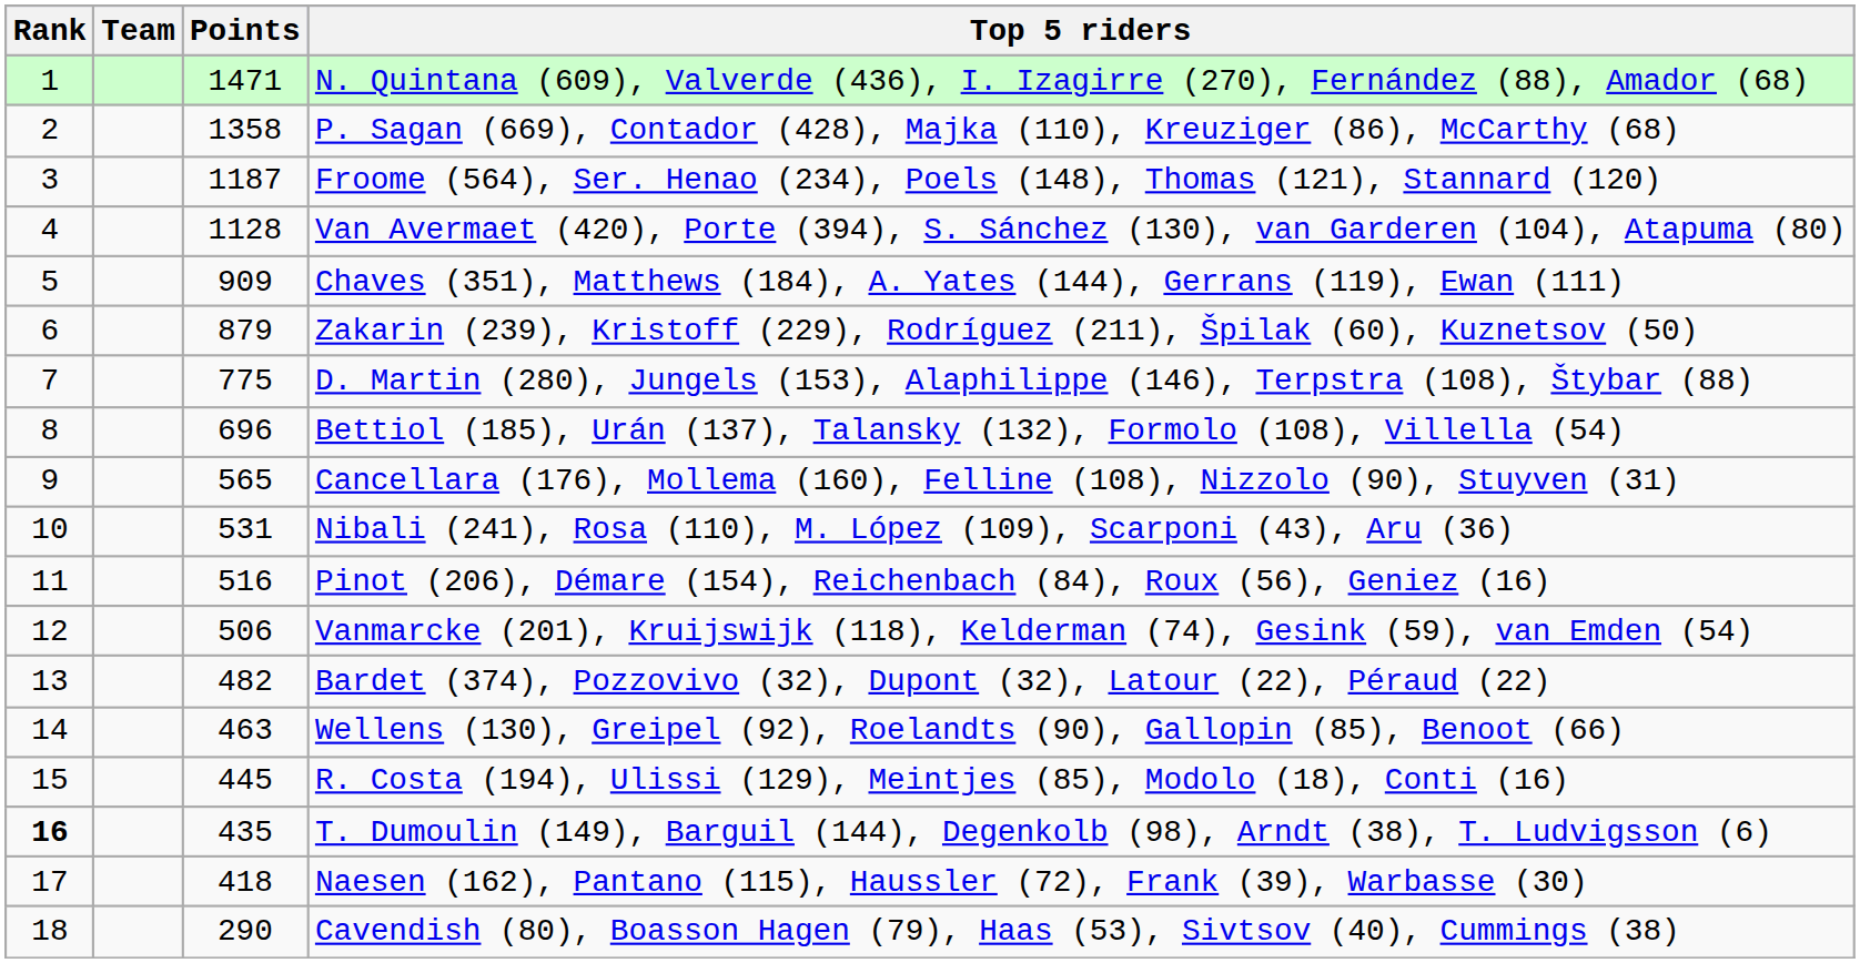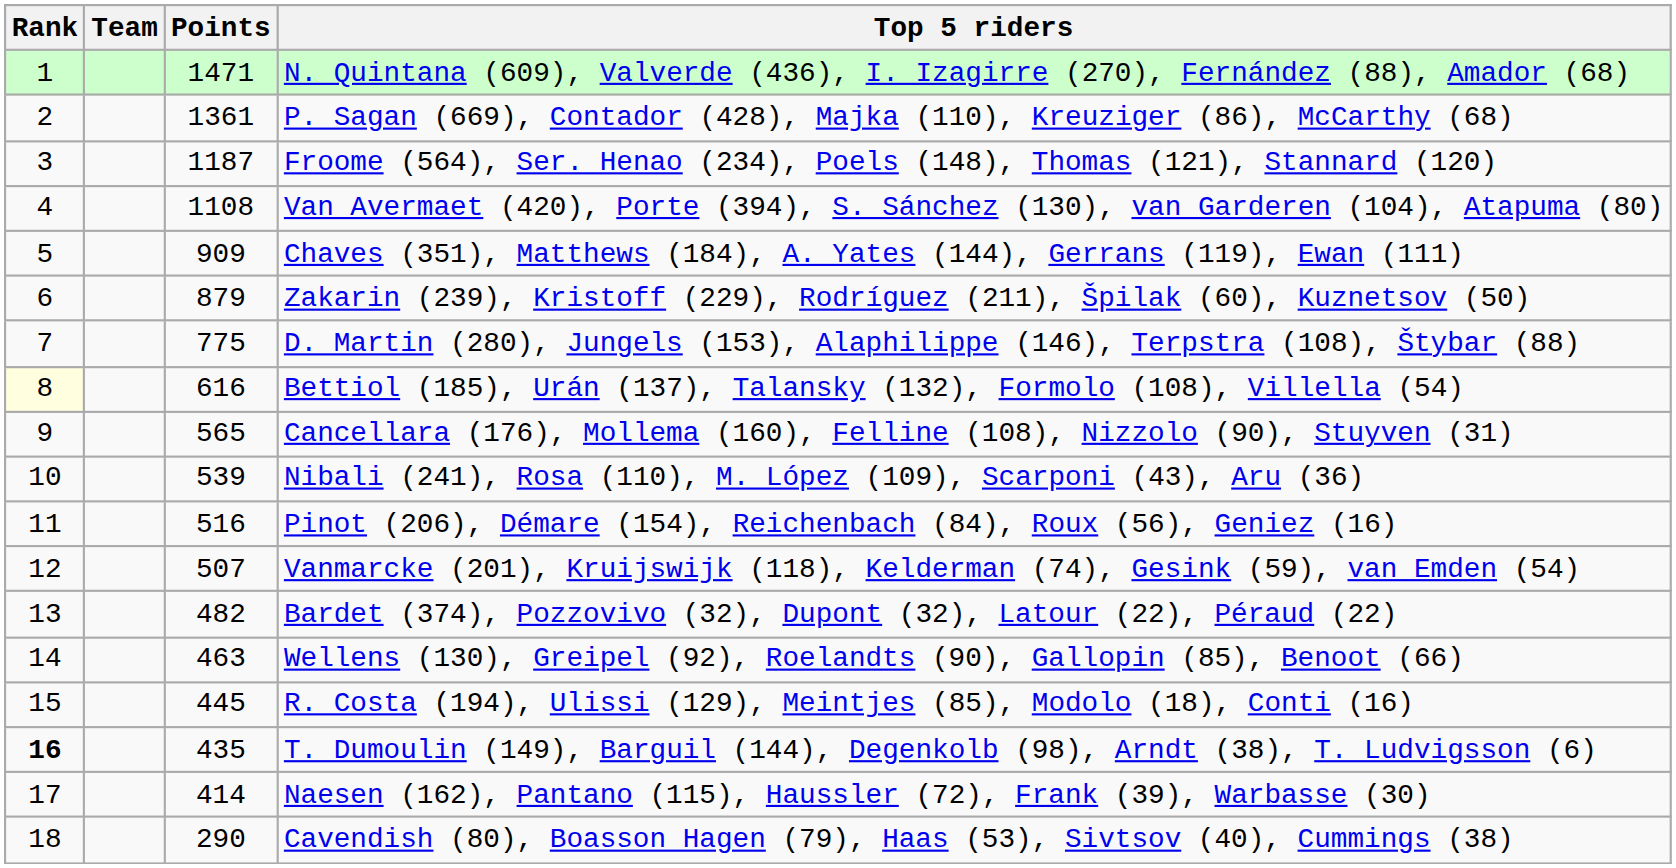 <table class="wikitable">
 <tr style="background:#ccf;">
 <th>Rank</th>
 <th>Team</th>
 <th>Points</th>
 <th>Top 5 riders</th>
 </tr>
 <tr style="background:#ccffcc;">
 <td align=center>1</td>
 <td></td>
 <td align=center>1471</td>
 <td><a href='#'>N. Quintana</a> (609), <a href='#'>Valverde</a> (436), <a href='#'>I. Izagirre</a> (270), <a href='#'>Fernández</a> (88), <a href='#'>Amador</a> (68)</td>
 </tr>
 <tr>
 <td align=center>2</td>
 <td></td>
-<td align=center>1358</td>
+<td align=center>1361</td>
 <td><a href='#'>P. Sagan</a> (669), <a href='#'>Contador</a> (428), <a href='#'>Majka</a> (110), <a href='#'>Kreuziger</a> (86), <a href='#'>McCarthy</a> (68)</td>
 </tr>
 <tr>
 <td align=center>3</td>
 <td></td>
 <td align=center>1187</td>
 <td><a href='#'>Froome</a> (564), <a href='#'>Ser. Henao</a> (234), <a href='#'>Poels</a> (148), <a href='#'>Thomas</a> (121), <a href='#'>Stannard</a> (120)</td>
 </tr>
 <tr>
 <td align=center>4</td>
 <td></td>
-<td align=center>1128</td>
+<td align=center>1108</td>
 <td><a href='#'>Van Avermaet</a> (420), <a href='#'>Porte</a> (394), <a href='#'>S. Sánchez</a> (130), <a href='#'>van Garderen</a> (104), <a href='#'>Atapuma</a> (80)</td>
 </tr>
 <tr>
 <td align=center>5</td>
 <td></td>
 <td align=center>909</td>
 <td><a href='#'>Chaves</a> (351), <a href='#'>Matthews</a> (184), <a href='#'>A. Yates</a> (144), <a href='#'>Gerrans</a> (119), <a href='#'>Ewan</a> (111)</td>
 </tr>
 <tr>
 <td align=center>6</td>
 <td></td>
 <td align=center>879</td>
 <td><a href='#'>Zakarin</a> (239), <a href='#'>Kristoff</a> (229), <a href='#'>Rodríguez</a> (211), <a href='#'>Špilak</a> (60), <a href='#'>Kuznetsov</a> (50)</td>
 </tr>
 <tr>
 <td align=center>7</td>
 <td></td>
 <td align=center>775</td>
 <td><a href='#'>D. Martin</a> (280), <a href='#'>Jungels</a> (153), <a href='#'>Alaphilippe</a> (146), <a href='#'>Terpstra</a> (108), <a href='#'>Štybar</a> (88)</td>
 </tr>
 <tr>
-<td align=center>8</td>
+<td align=center style="background: lightyellow;">8</td>
 <td></td>
-<td align=center>696</td>
+<td align=center>616</td>
 <td><a href='#'>Bettiol</a> (185), <a href='#'>Urán</a> (137), <a href='#'>Talansky</a> (132), <a href='#'>Formolo</a> (108), <a href='#'>Villella</a> (54)</td>
 </tr>
 <tr>
 <td align=center>9</td>
 <td></td>
 <td align=center>565</td>
 <td><a href='#'>Cancellara</a> (176), <a href='#'>Mollema</a> (160), <a href='#'>Felline</a> (108), <a href='#'>Nizzolo</a> (90), <a href='#'>Stuyven</a> (31)</td>
 </tr>
 <tr>
 <td align=center>10</td>
 <td></td>
-<td align=center>531</td>
+<td align=center>539</td>
 <td><a href='#'>Nibali</a> (241), <a href='#'>Rosa</a> (110), <a href='#'>M. López</a> (109), <a href='#'>Scarponi</a> (43), <a href='#'>Aru</a> (36)</td>
 </tr>
 <tr>
 <td align=center>11</td>
 <td></td>
 <td align=center>516</td>
 <td><a href='#'>Pinot</a> (206), <a href='#'>Démare</a> (154), <a href='#'>Reichenbach</a> (84), <a href='#'>Roux</a> (56), <a href='#'>Geniez</a> (16)</td>
 </tr>
 <tr>
 <td align=center>12</td>
 <td></td>
-<td align=center>506</td>
+<td align=center>507</td>
 <td><a href='#'>Vanmarcke</a> (201), <a href='#'>Kruijswijk</a> (118), <a href='#'>Kelderman</a> (74), <a href='#'>Gesink</a> (59), <a href='#'>van Emden</a> (54)</td>
 </tr>
 <tr>
 <td align=center>13</td>
 <td></td>
 <td align=center>482</td>
 <td><a href='#'>Bardet</a> (374), <a href='#'>Pozzovivo</a> (32), <a href='#'>Dupont</a> (32), <a href='#'>Latour</a> (22), <a href='#'>Péraud</a> (22)</td>
 </tr>
 <tr>
 <td align=center>14</td>
 <td></td>
 <td align=center>463</td>
 <td><a href='#'>Wellens</a> (130), <a href='#'>Greipel</a> (92), <a href='#'>Roelandts</a> (90), <a href='#'>Gallopin</a> (85), <a href='#'>Benoot</a> (66)</td>
 </tr>
 <tr>
 <td align=center>15</td>
 <td></td>
 <td align=center>445</td>
 <td><a href='#'>R. Costa</a> (194), <a href='#'>Ulissi</a> (129), <a href='#'>Meintjes</a> (85), <a href='#'>Modolo</a> (18), <a href='#'>Conti</a> (16)</td>
 </tr>
 <tr>
 <td align=center><strong>16</strong></td>
 <td></td>
 <td align=center>435</td>
 <td><a href='#'>T. Dumoulin</a> (149), <a href='#'>Barguil</a> (144), <a href='#'>Degenkolb</a> (98), <a href='#'>Arndt</a> (38), <a href='#'>T. Ludvigsson</a> (6)</td>
 </tr>
 <tr>
 <td align=center>17</td>
 <td></td>
-<td align=center>418</td>
+<td align=center>414</td>
 <td><a href='#'>Naesen</a> (162), <a href='#'>Pantano</a> (115), <a href='#'>Haussler</a> (72), <a href='#'>Frank</a> (39), <a href='#'>Warbasse</a> (30)</td>
 </tr>
 <tr>
 <td align=center>18</td>
 <td></td>
 <td align=center>290</td>
 <td><a href='#'>Cavendish</a> (80), <a href='#'>Boasson Hagen</a> (79), <a href='#'>Haas</a> (53), <a href='#'>Sivtsov</a> (40), <a href='#'>Cummings</a> (38)</td>
 </tr>
 </table>
